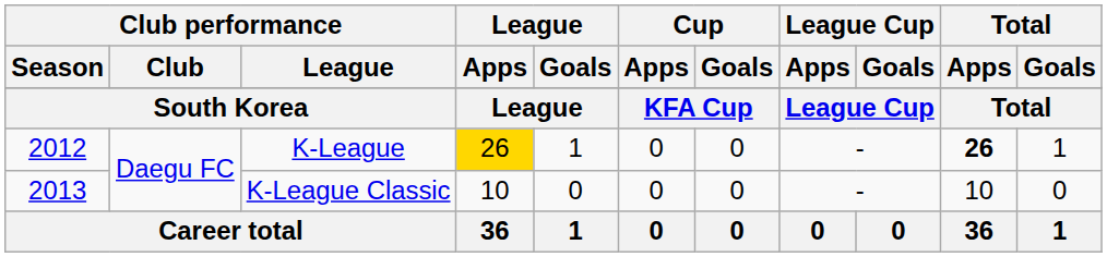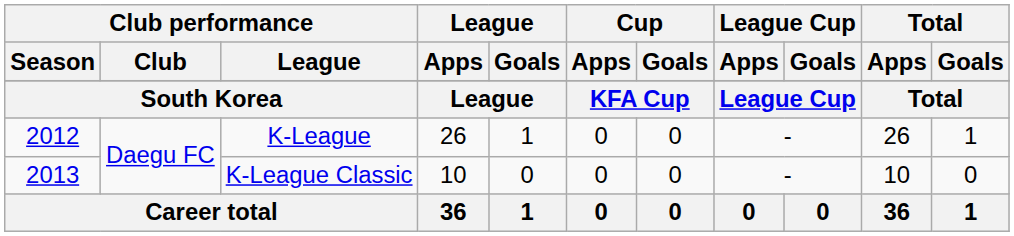 <table class="wikitable" style="text-align:center">
 <tr>
 <th colspan=3>Club performance</th>
 <th colspan=2>League</th>
 <th colspan=2>Cup</th>
 <th colspan=2>League Cup</th>
 <th colspan=2>Total</th>
 </tr>
 <tr>
 <th>Season</th>
 <th>Club</th>
 <th>League</th>
 <th>Apps</th>
 <th>Goals</th>
 <th>Apps</th>
 <th>Goals</th>
 <th>Apps</th>
 <th>Goals</th>
 <th>Apps</th>
 <th>Goals</th>
 </tr>
 <tr>
 </tr>
 <tr>
 <th colspan=3>South Korea</th>
 <th colspan=2>League</th>
 <th colspan=2><a href='#'>KFA Cup</a></th>
 <th colspan=2><a href='#'>League Cup</a></th>
 <th colspan=2>Total</th>
 </tr>
 <tr>
 <td><a href='#'>2012</a></td>
 <td rowspan="2"><a href='#'>Daegu FC</a></td>
 <td rowspan="1"><a href='#'>K-League</a></td>
-<td style="background: gold;">26</td>
+<td>26</td>
 <td>1</td>
 <td>0</td>
 <td>0</td>
 <td colspan="2">-</td>
-<td><strong>26</strong></td>
+<td>26</td>
 <td>1</td>
 </tr>
 <tr>
 <td><a href='#'>2013</a></td>
 <td rowspan="1"><a href='#'>K-League Classic</a></td>
 <td>10</td>
 <td>0</td>
 <td>0</td>
 <td>0</td>
 <td colspan="2">-</td>
 <td>10</td>
 <td>0</td>
 </tr>
 <tr>
 <th colspan=3>Career total</th>
 <th>36</th>
 <th>1</th>
 <th>0</th>
 <th>0</th>
 <th>0</th>
 <th>0</th>
 <th>36</th>
 <th>1</th>
 </tr>
 </table>
